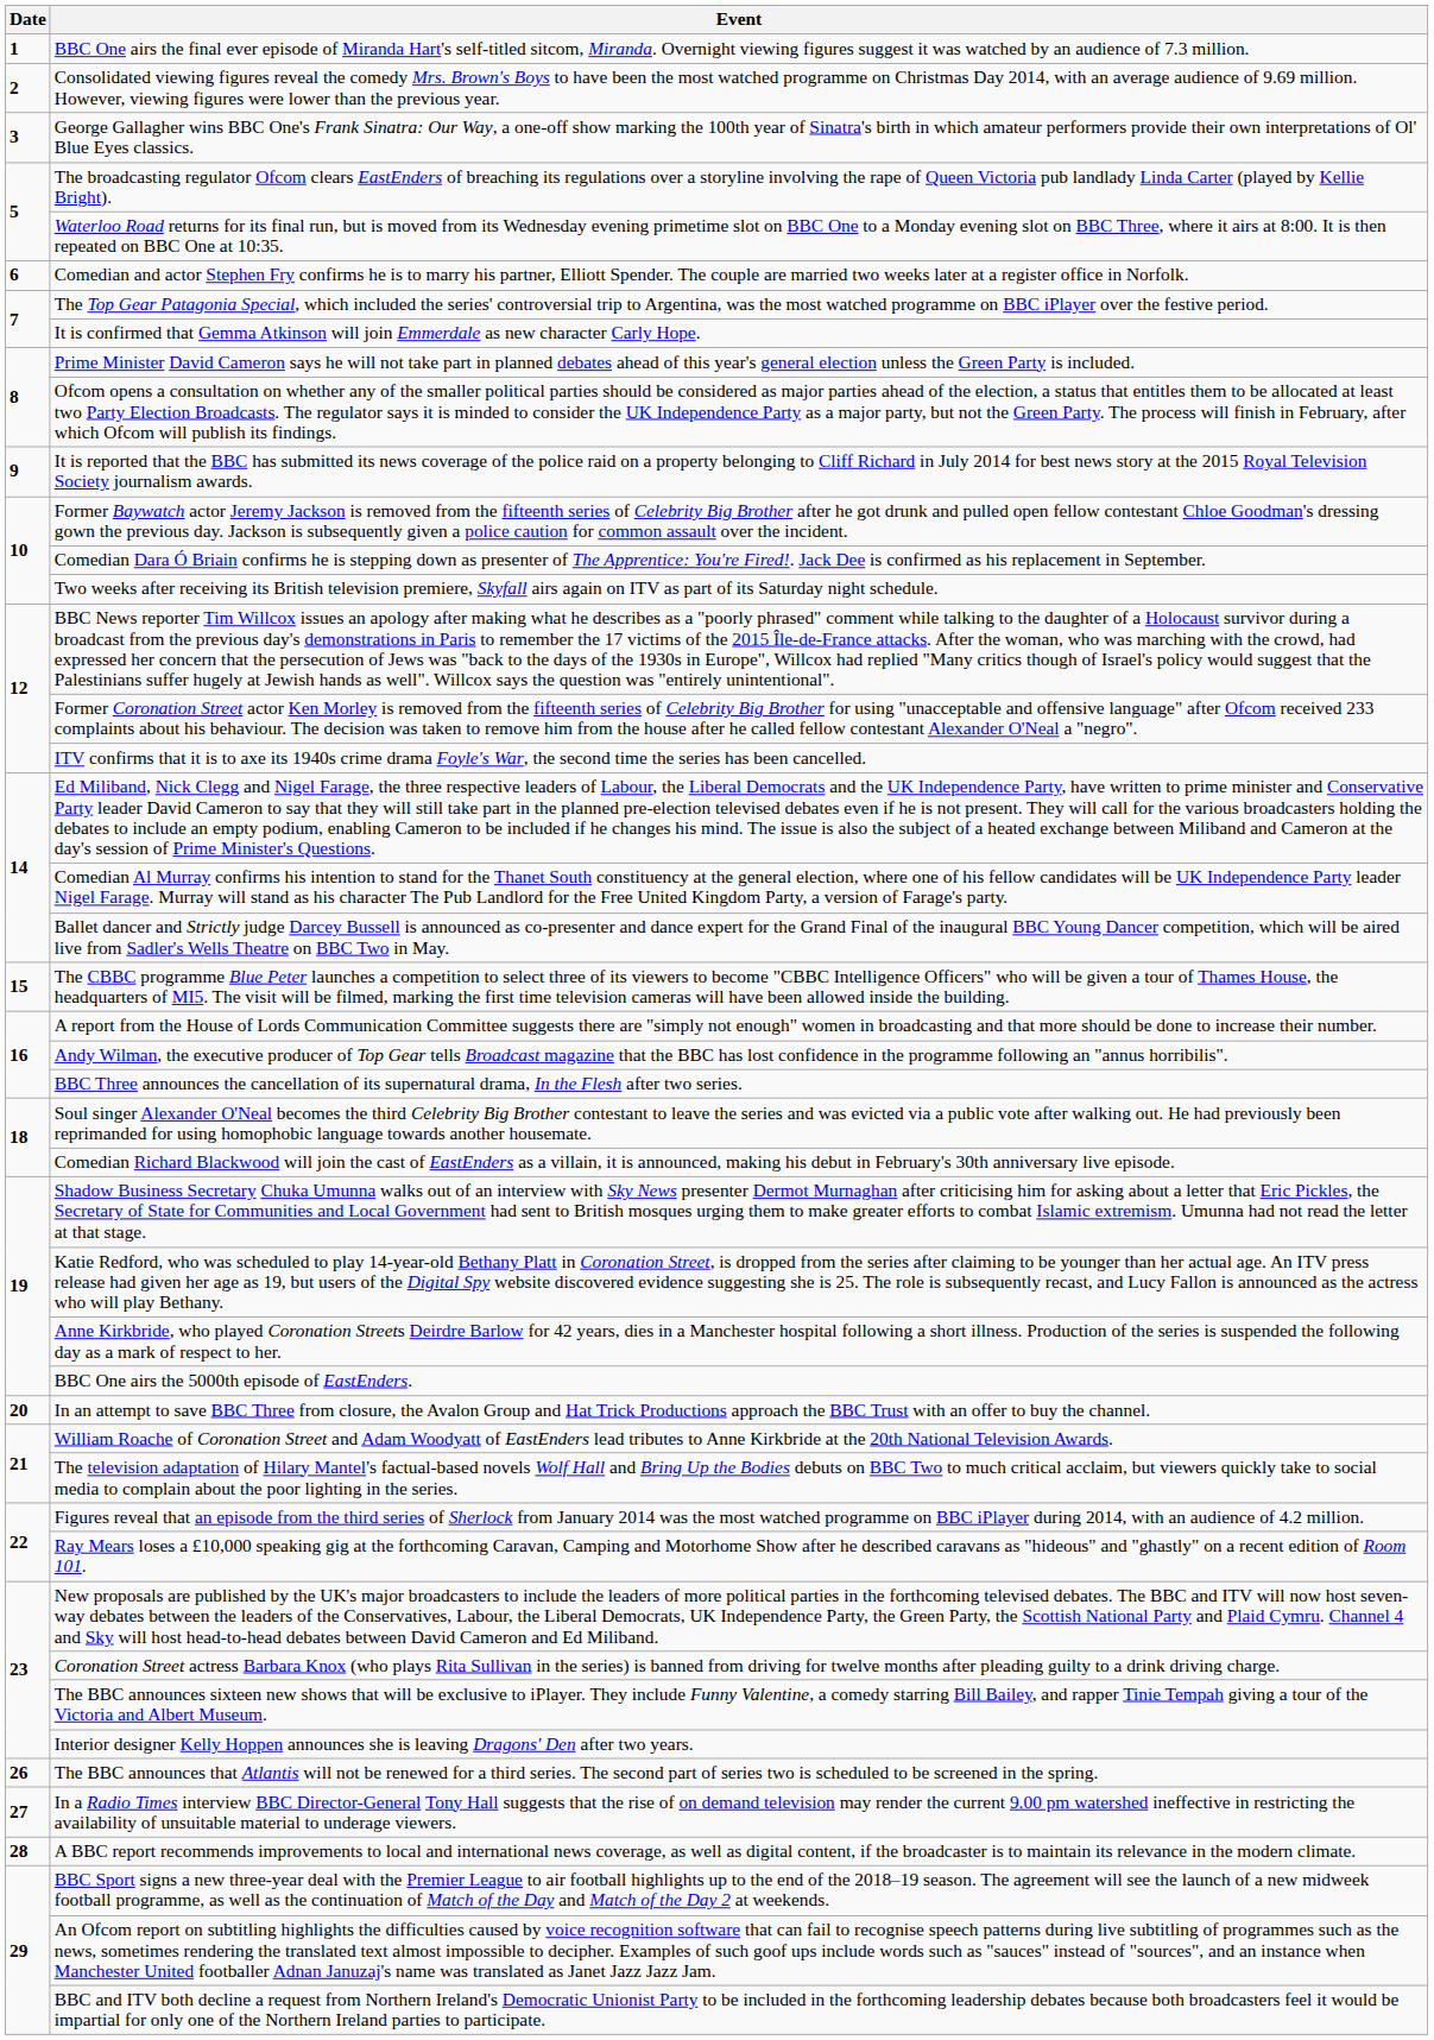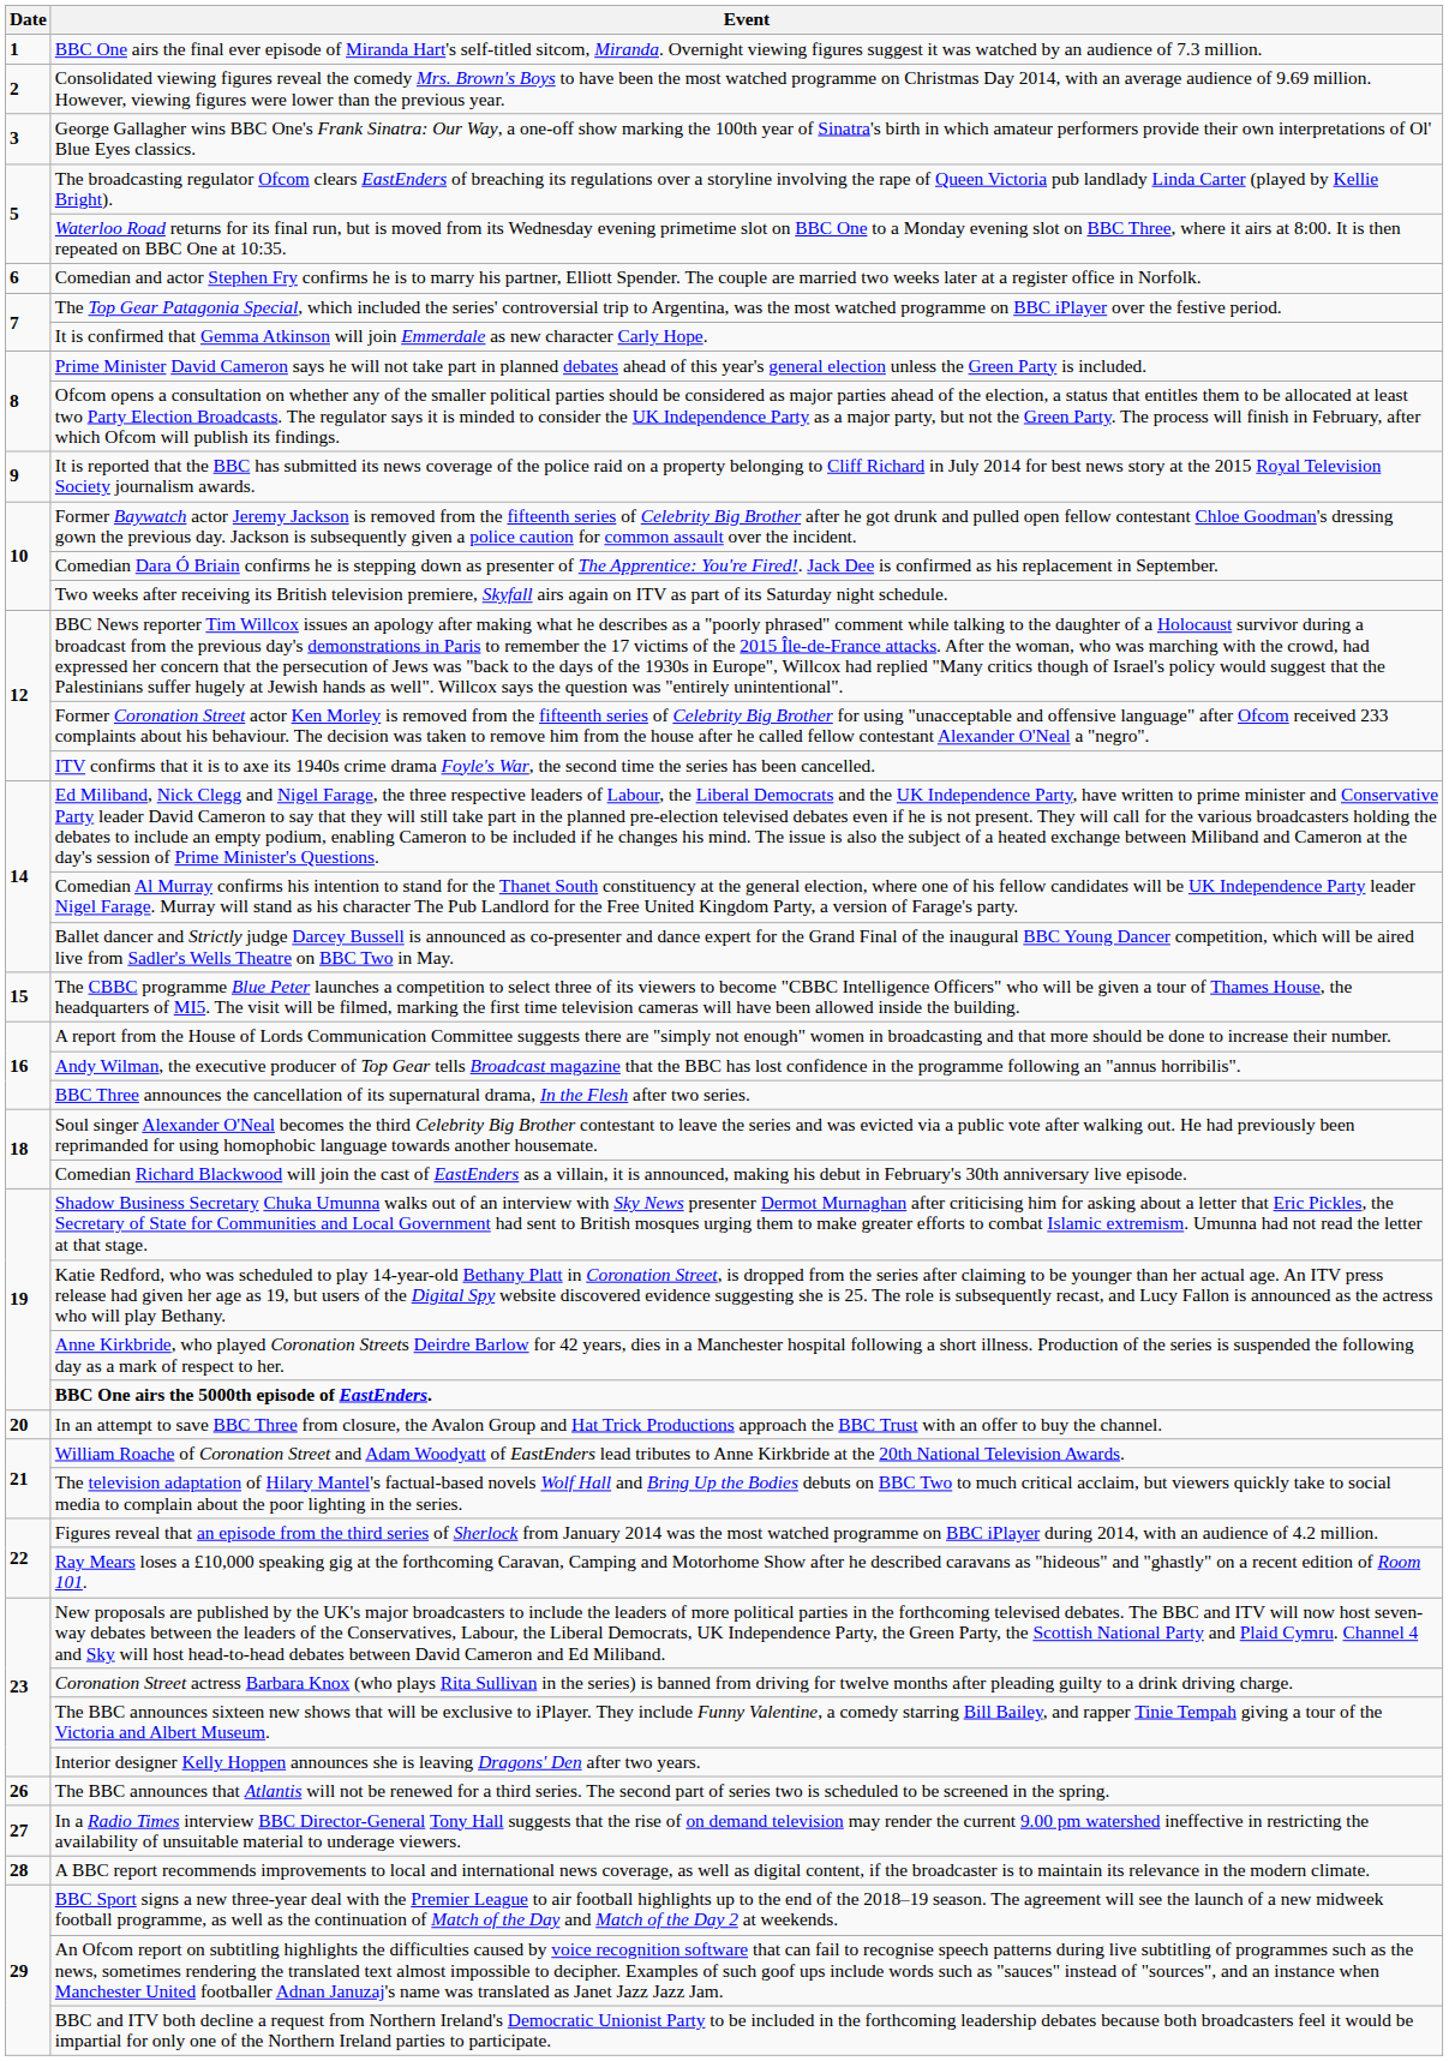 <table class="wikitable">
 <tr>
 <th>Date</th>
 <th>Event</th>
 </tr>
 <tr>
 <td><strong>1</strong></td>
 <td><a href='#'>BBC One</a> airs the final ever episode of <a href='#'>Miranda Hart</a>'s self-titled sitcom, <em><a href='#'>Miranda</a></em>. Overnight viewing figures suggest it was watched by an audience of 7.3 million.</td>
 </tr>
 <tr>
 <td><strong>2</strong></td>
 <td>Consolidated viewing figures reveal the comedy <em><a href='#'>Mrs. Brown's Boys</a></em> to have been the most watched programme on Christmas Day 2014, with an average audience of 9.69 million. However, viewing figures were lower than the previous year.</td>
 </tr>
 <tr>
 <td><strong>3</strong></td>
 <td>George Gallagher wins BBC One's <em>Frank Sinatra: Our Way</em>, a one-off show marking the 100th year of <a href='#'>Sinatra</a>'s birth in which amateur performers provide their own interpretations of Ol' Blue Eyes classics.</td>
 </tr>
 <tr>
 <td rowspan=2><strong>5</strong></td>
 <td>The broadcasting regulator <a href='#'>Ofcom</a> clears <em><a href='#'>EastEnders</a></em> of breaching its regulations over a storyline involving the rape of <a href='#'>Queen Victoria</a> pub landlady <a href='#'>Linda Carter</a> (played by <a href='#'>Kellie Bright</a>).</td>
 </tr>
 <tr>
 <td><em><a href='#'>Waterloo Road</a></em> returns for its final run, but is moved from its Wednesday evening primetime slot on <a href='#'>BBC One</a> to a Monday evening slot on <a href='#'>BBC Three</a>, where it airs at 8:00. It is then repeated on BBC One at 10:35.</td>
 </tr>
 <tr>
 <td><strong>6</strong></td>
 <td>Comedian and actor <a href='#'>Stephen Fry</a> confirms he is to marry his partner, Elliott Spender. The couple are married two weeks later at a register office in Norfolk.</td>
 </tr>
 <tr>
 <td rowspan=2><strong>7</strong></td>
 <td>The <em><a href='#'>Top Gear Patagonia Special</a></em>, which included the series' controversial trip to Argentina, was the most watched programme on <a href='#'>BBC iPlayer</a> over the festive period.</td>
 </tr>
 <tr>
 <td>It is confirmed that <a href='#'>Gemma Atkinson</a> will join <em><a href='#'>Emmerdale</a></em> as new character <a href='#'>Carly Hope</a>.</td>
 </tr>
 <tr>
 <td rowspan=2><strong>8</strong></td>
 <td><a href='#'>Prime Minister</a> <a href='#'>David Cameron</a> says he will not take part in planned <a href='#'>debates</a> ahead of this year's <a href='#'>general election</a> unless the <a href='#'>Green Party</a> is included.</td>
 </tr>
 <tr>
 <td>Ofcom opens a consultation on whether any of the smaller political parties should be considered as major parties ahead of the election, a status that entitles them to be allocated at least two <a href='#'>Party Election Broadcasts</a>. The regulator says it is minded to consider the <a href='#'>UK Independence Party</a> as a major party, but not the <a href='#'>Green Party</a>. The process will finish in February, after which Ofcom will publish its findings.</td>
 </tr>
 <tr>
 <td><strong>9</strong></td>
 <td>It is reported that the <a href='#'>BBC</a> has submitted its news coverage of the police raid on a property belonging to <a href='#'>Cliff Richard</a> in July 2014 for best news story at the 2015 <a href='#'>Royal Television Society</a> journalism awards.</td>
 </tr>
 <tr>
 <td rowspan=3><strong>10</strong></td>
 <td>Former <em><a href='#'>Baywatch</a></em> actor <a href='#'>Jeremy Jackson</a> is removed from the <a href='#'>fifteenth series</a> of <em><a href='#'>Celebrity Big Brother</a></em> after he got drunk and pulled open fellow contestant <a href='#'>Chloe Goodman</a>'s dressing gown the previous day. Jackson is subsequently given a <a href='#'>police caution</a> for <a href='#'>common assault</a> over the incident.</td>
 </tr>
 <tr>
 <td>Comedian <a href='#'>Dara Ó Briain</a> confirms he is stepping down as presenter of <em><a href='#'>The Apprentice: You're Fired!</a></em>. <a href='#'>Jack Dee</a> is confirmed as his replacement in September.</td>
 </tr>
 <tr>
 <td>Two weeks after receiving its British television premiere, <em><a href='#'>Skyfall</a></em> airs again on ITV as part of its Saturday night schedule.</td>
 </tr>
 <tr>
 <td rowspan=3><strong>12</strong></td>
 <td>BBC News reporter <a href='#'>Tim Willcox</a> issues an apology after making what he describes as a "poorly phrased" comment while talking to the daughter of a <a href='#'>Holocaust</a> survivor during a broadcast from the previous day's <a href='#'>demonstrations in Paris</a> to remember the 17 victims of the <a href='#'>2015 Île-de-France attacks</a>. After the woman, who was marching with the crowd, had expressed her concern that the persecution of Jews was "back to the days of the 1930s in Europe", Willcox had replied "Many critics though of Israel's policy would suggest that the Palestinians suffer hugely at Jewish hands as well". Willcox says the question was "entirely unintentional".</td>
 </tr>
 <tr>
 <td>Former <em><a href='#'>Coronation Street</a></em> actor <a href='#'>Ken Morley</a> is removed from the <a href='#'>fifteenth series</a> of <em><a href='#'>Celebrity Big Brother</a></em> for using "unacceptable and offensive language" after <a href='#'>Ofcom</a> received 233 complaints about his behaviour. The decision was taken to remove him from the house after he called fellow contestant <a href='#'>Alexander O'Neal</a> a "negro".</td>
 </tr>
 <tr>
 <td><a href='#'>ITV</a> confirms that it is to axe its 1940s crime drama <em><a href='#'>Foyle's War</a></em>, the second time the series has been cancelled.</td>
 </tr>
 <tr>
 <td rowspan=3><strong>14</strong></td>
 <td><a href='#'>Ed Miliband</a>, <a href='#'>Nick Clegg</a> and <a href='#'>Nigel Farage</a>, the three respective leaders of <a href='#'>Labour</a>, the <a href='#'>Liberal Democrats</a> and the <a href='#'>UK Independence Party</a>, have written to prime minister and <a href='#'>Conservative Party</a> leader David Cameron to say that they will still take part in the planned pre-election televised debates even if he is not present. They will call for the various broadcasters holding the debates to include an empty podium, enabling Cameron to be included if he changes his mind. The issue is also the subject of a heated exchange between Miliband and Cameron at the day's session of <a href='#'>Prime Minister's Questions</a>.</td>
 </tr>
 <tr>
 <td>Comedian <a href='#'>Al Murray</a> confirms his intention to stand for the <a href='#'>Thanet South</a> constituency at the general election, where one of his fellow candidates will be <a href='#'>UK Independence Party</a> leader <a href='#'>Nigel Farage</a>. Murray will stand as his character The Pub Landlord for the Free United Kingdom Party, a version of Farage's party.</td>
 </tr>
 <tr>
 <td>Ballet dancer and <em>Strictly</em> judge <a href='#'>Darcey Bussell</a> is announced as co-presenter and dance expert for the Grand Final of the inaugural <a href='#'>BBC Young Dancer</a> competition, which will be aired live from <a href='#'>Sadler's Wells Theatre</a> on <a href='#'>BBC Two</a> in May.</td>
 </tr>
 <tr>
 <td><strong>15</strong></td>
 <td>The <a href='#'>CBBC</a> programme <em><a href='#'>Blue Peter</a></em> launches a competition to select three of its viewers to become "CBBC Intelligence Officers" who will be given a tour of <a href='#'>Thames House</a>, the headquarters of <a href='#'>MI5</a>. The visit will be filmed, marking the first time television cameras will have been allowed inside the building.</td>
 </tr>
 <tr>
 <td rowspan=3><strong>16</strong></td>
 <td>A report from the House of Lords Communication Committee suggests there are "simply not enough" women in broadcasting and that more should be done to increase their number.</td>
 </tr>
 <tr>
 <td><a href='#'>Andy Wilman</a>, the executive producer of <em>Top Gear</em> tells <a href='#'><em>Broadcast</em> magazine</a> that the BBC has lost confidence in the programme following an "annus horribilis".</td>
 </tr>
 <tr>
 <td><a href='#'>BBC Three</a> announces the cancellation of its supernatural drama, <em><a href='#'>In the Flesh</a></em> after two series.</td>
 </tr>
 <tr>
 <td rowspan=2><strong>18</strong></td>
 <td>Soul singer <a href='#'>Alexander O'Neal</a> becomes the third <em>Celebrity Big Brother</em> contestant to leave the series and was evicted via a public vote after walking out. He had previously been reprimanded for using homophobic language towards another housemate.</td>
 </tr>
 <tr>
 <td>Comedian <a href='#'>Richard Blackwood</a> will join the cast of <em><a href='#'>EastEnders</a></em> as a villain, it is announced, making his debut in February's 30th anniversary live episode.</td>
 </tr>
 <tr>
 <td rowspan=4><strong>19</strong></td>
 <td><a href='#'>Shadow Business Secretary</a> <a href='#'>Chuka Umunna</a> walks out of an interview with <em><a href='#'>Sky News</a></em> presenter <a href='#'>Dermot Murnaghan</a> after criticising him for asking about a letter that <a href='#'>Eric Pickles</a>, the <a href='#'>Secretary of State for Communities and Local Government</a> had sent to British mosques urging them to make greater efforts to combat <a href='#'>Islamic extremism</a>. Umunna had not read the letter at that stage.</td>
 </tr>
 <tr>
 <td>Katie Redford, who was scheduled to play 14-year-old <a href='#'>Bethany Platt</a> in <em><a href='#'>Coronation Street</a></em>, is dropped from the series after claiming to be younger than her actual age. An ITV press release had given her age as 19, but users of the <em><a href='#'>Digital Spy</a></em> website discovered evidence suggesting she is 25. The role is subsequently recast, and Lucy Fallon is announced as the actress who will play Bethany.</td>
 </tr>
 <tr>
 <td><a href='#'>Anne Kirkbride</a>, who played <em>Coronation Street</em>s <a href='#'>Deirdre Barlow</a> for 42 years, dies in a Manchester hospital following a short illness. Production of the series is suspended the following day as a mark of respect to her.</td>
 </tr>
 <tr>
-<td>BBC One airs the 5000th episode of <em><a href='#'>EastEnders</a></em>.</td>
+<td><strong>BBC One airs the 5000th episode of <em><a href='#'>EastEnders</a></em>.</strong></td>
 </tr>
 <tr>
 <td><strong>20</strong></td>
 <td>In an attempt to save <a href='#'>BBC Three</a> from closure, the Avalon Group and <a href='#'>Hat Trick Productions</a> approach the <a href='#'>BBC Trust</a> with an offer to buy the channel.</td>
 </tr>
 <tr>
 <td rowspan=2><strong>21</strong></td>
 <td><a href='#'>William Roache</a> of <em>Coronation Street</em> and <a href='#'>Adam Woodyatt</a> of <em>EastEnders</em> lead tributes to Anne Kirkbride at the <a href='#'>20th National Television Awards</a>.</td>
 </tr>
 <tr>
 <td>The <a href='#'>television adaptation</a> of <a href='#'>Hilary Mantel</a>'s factual-based novels <em><a href='#'>Wolf Hall</a></em> and <em><a href='#'>Bring Up the Bodies</a></em> debuts on <a href='#'>BBC Two</a> to much critical acclaim, but viewers quickly take to social media to complain about the poor lighting in the series.</td>
 </tr>
 <tr>
 <td rowspan=2><strong>22</strong></td>
 <td>Figures reveal that <a href='#'>an episode from the third series</a> of <em><a href='#'>Sherlock</a></em> from January 2014 was the most watched programme on <a href='#'>BBC iPlayer</a> during 2014, with an audience of 4.2 million.</td>
 </tr>
 <tr>
 <td><a href='#'>Ray Mears</a> loses a £10,000 speaking gig at the forthcoming Caravan, Camping and Motorhome Show after he described caravans as "hideous" and "ghastly" on a recent edition of <em><a href='#'>Room 101</a></em>.</td>
 </tr>
 <tr>
 <td rowspan=4><strong>23</strong></td>
 <td>New proposals are published by the UK's major broadcasters to include the leaders of more political parties in the forthcoming televised debates. The BBC and ITV will now host seven-way debates between the leaders of the Conservatives, Labour, the Liberal Democrats, UK Independence Party, the Green Party, the <a href='#'>Scottish National Party</a> and <a href='#'>Plaid Cymru</a>. <a href='#'>Channel 4</a> and <a href='#'>Sky</a> will host head-to-head debates between David Cameron and Ed Miliband.</td>
 </tr>
 <tr>
 <td><em>Coronation Street</em> actress <a href='#'>Barbara Knox</a> (who plays <a href='#'>Rita Sullivan</a> in the series) is banned from driving for twelve months after pleading guilty to a drink driving charge.</td>
 </tr>
 <tr>
 <td>The BBC announces sixteen new shows that will be exclusive to iPlayer. They include <em>Funny Valentine</em>, a comedy starring <a href='#'>Bill Bailey</a>, and rapper <a href='#'>Tinie Tempah</a> giving a tour of the <a href='#'>Victoria and Albert Museum</a>.</td>
 </tr>
 <tr>
 <td>Interior designer <a href='#'>Kelly Hoppen</a> announces she is leaving <em><a href='#'>Dragons' Den</a></em> after two years.</td>
 </tr>
 <tr>
 <td><strong>26</strong></td>
 <td>The BBC announces that <em><a href='#'>Atlantis</a></em> will not be renewed for a third series. The second part of series two is scheduled to be screened in the spring.</td>
 </tr>
 <tr>
 <td><strong>27</strong></td>
 <td>In a <em><a href='#'>Radio Times</a></em> interview <a href='#'>BBC Director-General</a> <a href='#'>Tony Hall</a> suggests that the rise of <a href='#'>on demand television</a> may render the current <a href='#'>9.00 pm watershed</a> ineffective in restricting the availability of unsuitable material to underage viewers.</td>
 </tr>
 <tr>
 <td><strong>28</strong></td>
 <td>A BBC report recommends improvements to local and international news coverage, as well as digital content, if the broadcaster is to maintain its relevance in the modern climate.</td>
 </tr>
 <tr>
 <td rowspan=3><strong>29</strong></td>
 <td><a href='#'>BBC Sport</a> signs a new three-year deal with the <a href='#'>Premier League</a> to air football highlights up to the end of the 2018–19 season. The agreement will see the launch of a new midweek football programme, as well as the continuation of <em><a href='#'>Match of the Day</a></em> and <em><a href='#'>Match of the Day 2</a></em> at weekends.</td>
 </tr>
 <tr>
 <td>An Ofcom report on subtitling highlights the difficulties caused by <a href='#'>voice recognition software</a> that can fail to recognise speech patterns during live subtitling of programmes such as the news, sometimes rendering the translated text almost impossible to decipher. Examples of such goof ups include words such as "sauces" instead of "sources", and an instance when <a href='#'>Manchester United</a> footballer <a href='#'>Adnan Januzaj</a>'s name was translated as Janet Jazz Jazz Jam.</td>
 </tr>
 <tr>
 <td>BBC and ITV both decline a request from Northern Ireland's <a href='#'>Democratic Unionist Party</a> to be included in the forthcoming leadership debates because both broadcasters feel it would be impartial for only one of the Northern Ireland parties to participate.</td>
 </tr>
 </table>
